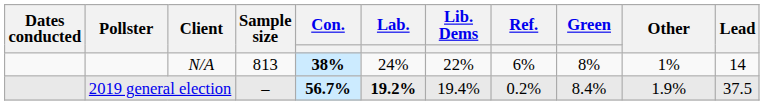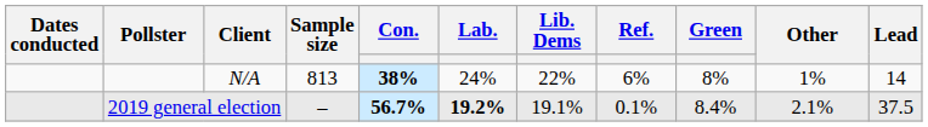 <table class="wikitable sortable mw-datatable" style="text-align:center; font-size:90%; line-height:14px;">
 <tr>
 <th rowspan="2">Dates<br>conducted</th>
 <th rowspan="2">Pollster</th>
 <th rowspan="2">Client</th>
 <th data-sort-type="number" rowspan="2">Sample<br>size</th>
 <th class="unsortable" style="width:50px;"><a href='#'>Con.</a></th>
 <th class="unsortable" style="width:50px;"><a href='#'>Lab.</a></th>
 <th class="unsortable" style="width:50px;"><a href='#'>Lib. Dems</a></th>
 <th class="unsortable" style="width:50px;"><a href='#'>Ref.</a></th>
 <th class="unsortable" style="width:50px;"><a href='#'>Green</a></th>
 <th class="unsortable" rowspan="2" style="width:75px;">Other</th>
 <th data-sort-type="number" rowspan="2">Lead</th>
 </tr>
 <tr>
 <th data-sort-type="number" style="background:"></th>
 <th data-sort-type="number" style="background:"></th>
 <th data-sort-type="number" style="background:"></th>
 <th data-sort-type="number" style="background:"></th>
 <th data-sort-type="number" style="background:"></th>
 </tr>
 <tr>
 <td></td>
 <td></td>
 <td><em>N/A</em></td>
 <td>813</td>
 <td style="background:#CCEBFF;"><strong>38%</strong></td>
 <td>24%</td>
 <td>22%</td>
 <td>6%</td>
 <td>8%</td>
 <td>1%</td>
 <td style="background:">14</td>
 </tr>
 <tr style="background:#e9e9e9;">
 <td></td>
 <td colspan="2"><a href='#'>2019 general election</a></td>
 <td>–</td>
 <td style="background:#CCEBFF;"><strong>56.7%</strong></td>
 <td><strong>19.2%</strong></td>
-<td>19.4%</td>
-<td>0.2%</td>
+<td>19.1%</td>
+<td>0.1%</td>
 <td>8.4%</td>
-<td>1.9%</td>
+<td>2.1%</td>
 <td style="background:">37.5</td>
 </tr>
 </table>
